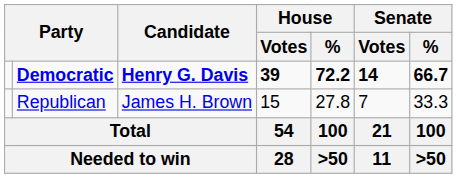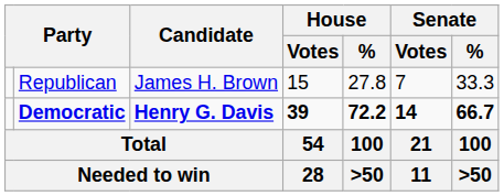 <table class="wikitable sortable">
 <tr>
 <th colspan="2" rowspan="2" class="unsortable">Party</th>
 <th rowspan="2" class="unsortable">Candidate</th>
 <th colspan="2">House</th>
 <th colspan="2">Senate</th>
 </tr>
 <tr>
 <th>Votes</th>
 <th>%</th>
 <th>Votes</th>
 <th>%</th>
 </tr>
 <tr>
 <td style="background-color:"></td>
+<td><a href='#'>Republican</a></td>
+<td><a href='#'>James H. Brown</a></td>
+<td>15</td>
+<td>27.8</td>
+<td>7</td>
+<td>33.3</td>
+</tr>
+<tr>
+<td style="background-color:"></td>
 <td><strong><a href='#'>Democratic</a></strong></td>
 <td><strong><a href='#'>Henry G. Davis</a></strong></td>
 <td><strong>39</strong></td>
 <td><strong>72.2</strong></td>
 <td><strong>14</strong></td>
 <td><strong>66.7</strong></td>
-</tr>
-<tr>
-<td style="background-color:"></td>
-<td><a href='#'>Republican</a></td>
-<td><a href='#'>James H. Brown</a></td>
-<td>15</td>
-<td>27.8</td>
-<td>7</td>
-<td>33.3</td>
 </tr>
 <tr>
 <th colspan="3">Total</th>
 <th>54</th>
 <th>100</th>
 <th>21</th>
 <th>100</th>
 </tr>
 <tr>
 <th colspan="3">Needed to win</th>
 <th>28</th>
 <th>>50</th>
 <th>11</th>
 <th>>50</th>
 </tr>
 </table>
